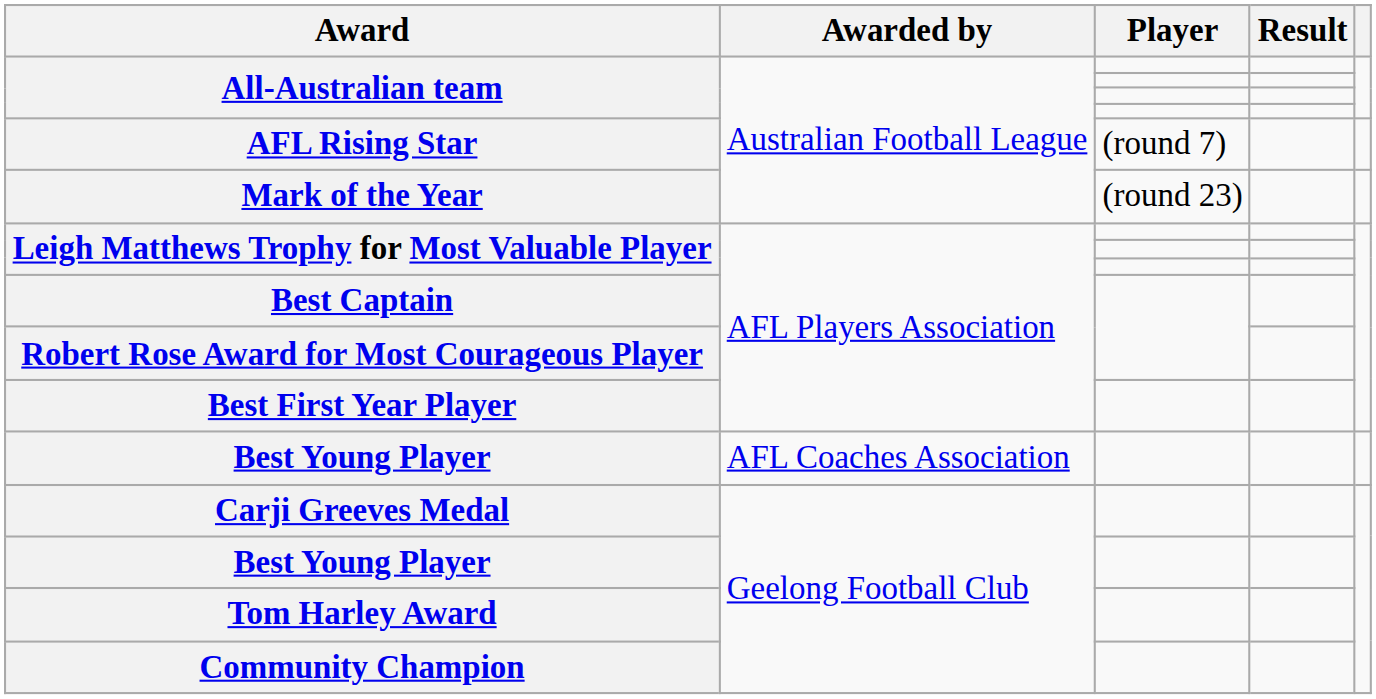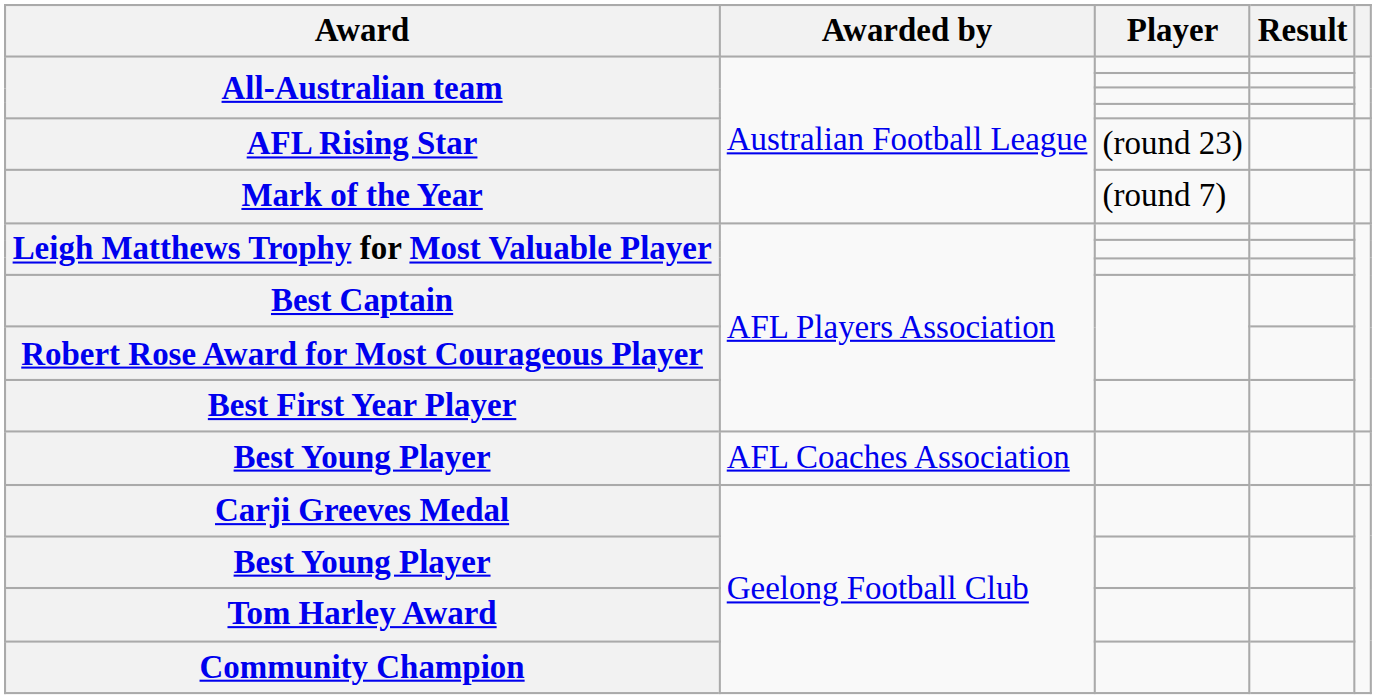 <table class="wikitable plainrowheaders sortable">
 <tr>
 <th scope="col">Award</th>
 <th scope="col">Awarded by</th>
 <th scope="col">Player</th>
 <th scope="col">Result</th>
 <th class="unsortable"></th>
 </tr>
 <tr>
 <th scope="row" rowspan=4><a href='#'>All-Australian team</a></th>
 <td rowspan=6><a href='#'>Australian Football League</a></td>
 <td></td>
 <td></td>
 <td rowspan=4 align=center><br></td>
 </tr>
 <tr>
 <td></td>
 <td></td>
 </tr>
 <tr>
 <td></td>
 <td></td>
 </tr>
 <tr>
 <td></td>
 <td></td>
 </tr>
 <tr>
 <th scope="row"><a href='#'>AFL Rising Star</a></th>
-<td> (round 7)</td>
+<td> (round 23)</td>
 <td></td>
 <td align=center></td>
 </tr>
 <tr>
 <th scope="row"><a href='#'>Mark of the Year</a></th>
-<td> (round 23)</td>
+<td> (round 7)</td>
 <td></td>
 <td align=center></td>
 </tr>
 <tr>
 <th scope="row" rowspan=3><a href='#'>Leigh Matthews Trophy</a> for <a href='#'>Most Valuable Player</a></th>
 <td rowspan=6><a href='#'>AFL Players Association</a></td>
 <td></td>
 <td></td>
 <td rowspan=6 align=center><br></td>
 </tr>
 <tr>
 <td></td>
 <td></td>
 </tr>
 <tr>
 <td></td>
 <td></td>
 </tr>
 <tr>
 <th scope="row"><a href='#'>Best Captain</a></th>
 <td rowspan=2></td>
 <td></td>
 </tr>
 <tr>
 <th scope="row"><a href='#'>Robert Rose Award for Most Courageous Player</a></th>
 <td></td>
 </tr>
 <tr>
 <th scope="row"><a href='#'>Best First Year Player</a></th>
 <td></td>
 <td></td>
 </tr>
 <tr>
 <th scope="row"><a href='#'>Best Young Player</a></th>
 <td><a href='#'>AFL Coaches Association</a></td>
 <td></td>
 <td></td>
 <td align=center></td>
 </tr>
 <tr>
 <th scope="row"><a href='#'>Carji Greeves Medal</a></th>
 <td rowspan=4><a href='#'>Geelong Football Club</a></td>
 <td></td>
 <td></td>
 <td rowspan=4 align=center></td>
 </tr>
 <tr>
 <th scope="row"><a href='#'>Best Young Player</a></th>
 <td></td>
 <td></td>
 </tr>
 <tr>
 <th scope="row"><a href='#'>Tom Harley Award</a></th>
 <td></td>
 <td></td>
 </tr>
 <tr>
 <th scope="row"><a href='#'>Community Champion</a></th>
 <td></td>
 <td></td>
 </tr>
 </table>
